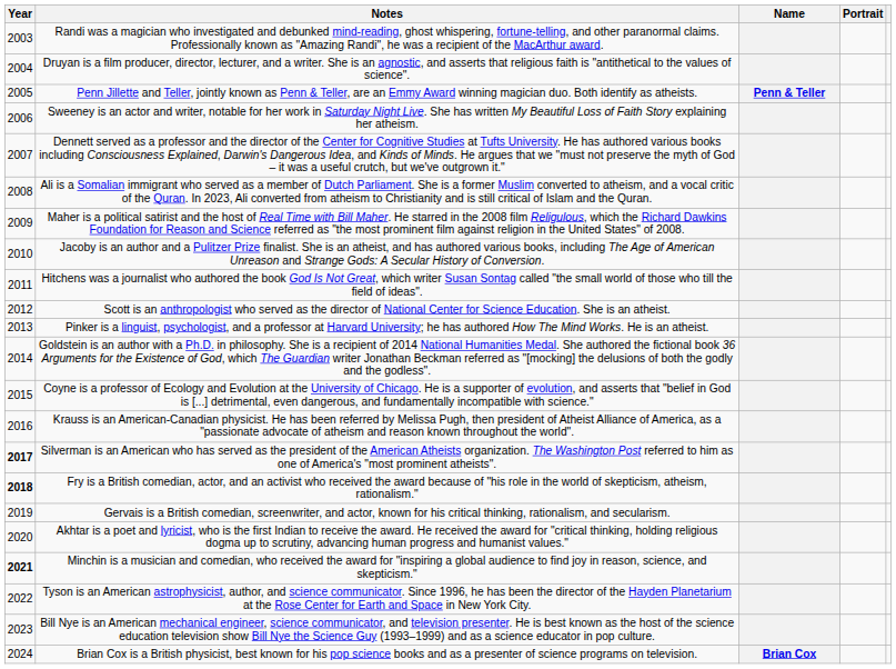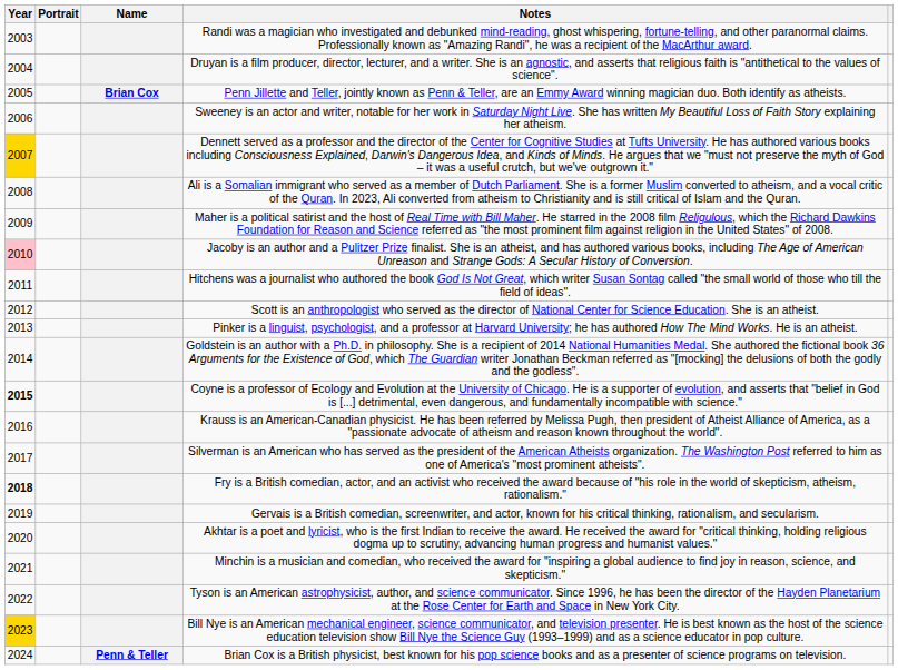 <table class="wikitable sortable plainrowheaders" border="1" style="text-align:center">
 <tr>
 <th scope=col>Year</th>
+<th scope=col class="unsortable">Portrait</th>
+<th scope=col width=135px>Name</th>
 <th scope=col class="unsortable">Notes</th>
-<th scope=col width=135px>Name</th>
-<th scope=col class="unsortable">Portrait</th>
 <th scope=col class="unsortable"></th>
 </tr>
 <tr>
 <td>2003</td>
+<td></td>
+<th scope=row style="text-align:center";></th>
 <td>Randi was a magician who investigated and debunked <a href='#'>mind-reading</a>, ghost whispering, <a href='#'>fortune-telling</a>, and other paranormal claims. Professionally known as "Amazing Randi", he was a recipient of the <a href='#'>MacArthur award</a>.</td>
-<th scope=row style="text-align:center";></th>
-<td></td>
 <td></td>
 </tr>
 <tr>
 <td>2004</td>
+<td></td>
+<th scope=row style="text-align:center";></th>
 <td>Druyan is a film producer, director, lecturer, and a writer. She is an <a href='#'>agnostic</a>, and asserts that religious faith is "antithetical to the values of science".</td>
-<th scope=row style="text-align:center";></th>
-<td></td>
 <td></td>
 </tr>
 <tr>
 <td>2005</td>
+<td></td>
+<th><a href='#'>Brian Cox</a></th>
 <td><a href='#'>Penn Jillette</a> and <a href='#'>Teller</a>, jointly known as <a href='#'>Penn & Teller</a>, are an <a href='#'>Emmy Award</a> winning magician duo. Both identify as atheists.</td>
-<th scope=row style="text-align:center";><a href='#'>Penn & Teller</a></th>
-<td></td>
 <td></td>
 </tr>
 <tr>
 <td>2006</td>
+<td></td>
+<th scope=row style="text-align:center";></th>
 <td>Sweeney is an actor and writer, notable for her work in <em><a href='#'>Saturday Night Live</a></em>. She has written <em>My Beautiful Loss of Faith Story</em> explaining her atheism.</td>
-<th scope=row style="text-align:center";></th>
-<td></td>
 <td></td>
 </tr>
 <tr>
-<td>2007</td>
+<td style="background: gold;">2007</td>
+<td></td>
+<th scope=row style="text-align:center";></th>
 <td>Dennett served as a professor and the director of the <a href='#'>Center for Cognitive Studies</a> at <a href='#'>Tufts University</a>. He has authored various books including <em>Consciousness Explained</em>, <em>Darwin's Dangerous Idea</em>, and <em>Kinds of Minds</em>. He argues that we "must not preserve the myth of God – it was a useful crutch, but we've outgrown it."</td>
-<th scope=row style="text-align:center";></th>
-<td></td>
 <td></td>
 </tr>
 <tr>
 <td>2008</td>
+<td></td>
+<th scope=row style="text-align:center";></th>
 <td>Ali is a <a href='#'>Somalian</a> immigrant who served as a member of <a href='#'>Dutch Parliament</a>. She is a former <a href='#'>Muslim</a> converted to atheism, and a vocal critic of the <a href='#'>Quran</a>. In 2023, Ali converted from atheism to Christianity and is still critical of Islam and the Quran.</td>
-<th scope=row style="text-align:center";></th>
-<td></td>
 <td></td>
 </tr>
 <tr>
 <td>2009</td>
+<td></td>
+<th scope=row style="text-align:center";></th>
 <td>Maher is a political satirist and the host of <em><a href='#'>Real Time with Bill Maher</a></em>. He starred in the 2008 film <em><a href='#'>Religulous</a></em>, which the <a href='#'>Richard Dawkins Foundation for Reason and Science</a> referred as "the most prominent film against religion in the United States" of 2008.</td>
-<th scope=row style="text-align:center";></th>
-<td></td>
 <td></td>
 </tr>
 <tr>
-<td>2010</td>
+<td style="background: pink;">2010</td>
+<td></td>
+<th scope=row style="text-align:center";></th>
 <td>Jacoby is an author and a <a href='#'>Pulitzer Prize</a> finalist. She is an atheist, and has authored various books, including <em>The Age of American Unreason</em> and <em>Strange Gods: A Secular History of Conversion</em>.</td>
-<th scope=row style="text-align:center";></th>
-<td></td>
 <td></td>
 </tr>
 <tr>
 <td>2011</td>
+<td></td>
+<th scope=row style="text-align:center";></th>
 <td>Hitchens was a journalist who authored the book <em><a href='#'>God Is Not Great</a></em>, which writer <a href='#'>Susan Sontag</a> called "the small world of those who till the field of ideas".</td>
-<th scope=row style="text-align:center";></th>
-<td></td>
 <td></td>
 </tr>
 <tr>
 <td>2012</td>
+<td></td>
+<th scope=row style="text-align:center";></th>
 <td>Scott is an <a href='#'>anthropologist</a> who served as the director of <a href='#'>National Center for Science Education</a>. She is an atheist.</td>
-<th scope=row style="text-align:center";></th>
-<td></td>
 <td></td>
 </tr>
 <tr>
 <td>2013</td>
+<td></td>
+<th scope=row style="text-align:center";></th>
 <td>Pinker is a <a href='#'>linguist</a>, <a href='#'>psychologist</a>, and a professor at <a href='#'>Harvard University</a>; he has authored <em>How The Mind Works</em>. He is an atheist.</td>
-<th scope=row style="text-align:center";></th>
-<td></td>
 <td></td>
 </tr>
 <tr>
 <td>2014</td>
+<td></td>
+<th scope=row style="text-align:center";></th>
 <td>Goldstein is an author with a <a href='#'>Ph.D.</a> in philosophy. She is a recipient of 2014 <a href='#'>National Humanities Medal</a>. She authored the fictional book <em>36 Arguments for the Existence of God</em>, which <em><a href='#'>The Guardian</a></em> writer Jonathan Beckman referred as "[mocking] the delusions of both the godly and the godless".</td>
-<th scope=row style="text-align:center";></th>
-<td></td>
 <td></td>
 </tr>
 <tr>
-<td>2015</td>
+<td><strong>2015</strong></td>
+<td></td>
+<th scope=row style="text-align:center";></th>
 <td>Coyne is a professor of Ecology and Evolution at the <a href='#'>University of Chicago</a>. He is a supporter of <a href='#'>evolution</a>, and asserts that "belief in God is [...] detrimental, even dangerous, and fundamentally incompatible with science."</td>
-<th scope=row style="text-align:center";></th>
-<td></td>
 <td></td>
 </tr>
 <tr>
 <td>2016</td>
+<td></td>
+<th scope=row style="text-align:center";></th>
 <td>Krauss is an American-Canadian physicist. He has been referred by Melissa Pugh, then president of Atheist Alliance of America, as a "passionate advocate of atheism and reason known throughout the world".</td>
-<th scope=row style="text-align:center";></th>
-<td></td>
 <td></td>
 </tr>
 <tr>
-<td><strong>2017</strong></td>
+<td>2017</td>
+<td></td>
+<th scope=row style="text-align:center";></th>
 <td>Silverman is an American who has served as the president of the <a href='#'>American Atheists</a> organization. <em><a href='#'>The Washington Post</a></em> referred to him as one of  America's "most prominent atheists".</td>
-<th scope=row style="text-align:center";></th>
-<td></td>
 <td></td>
 </tr>
 <tr>
 <td><strong>2018</strong></td>
+<td></td>
+<th scope=row style="text-align:center";></th>
 <td>Fry is a British comedian, actor, and an activist who received the award because of "his role in the world of skepticism, atheism, rationalism."</td>
-<th scope=row style="text-align:center";></th>
-<td></td>
 <td></td>
 </tr>
 <tr>
 <td>2019</td>
+<td></td>
+<th scope=row style="text-align:center";></th>
 <td>Gervais is a British comedian, screenwriter, and actor, known for his critical thinking, rationalism, and secularism.</td>
-<th scope=row style="text-align:center";></th>
-<td></td>
 <td></td>
 </tr>
 <tr>
 <td>2020</td>
+<td></td>
+<th scope=row style="text-align:center";></th>
 <td>Akhtar is a poet and <a href='#'>lyricist</a>, who is the first Indian to receive the award. He received the award for "critical thinking, holding religious dogma up to scrutiny, advancing human progress and humanist values."</td>
-<th scope=row style="text-align:center";></th>
-<td></td>
 <td></td>
 </tr>
 <tr>
-<td><strong>2021</strong></td>
+<td>2021</td>
+<td></td>
+<th scope=row style="text-align:center";></th>
 <td>Minchin is a musician and comedian, who received the award for "inspiring a global audience to find joy in reason, science, and skepticism."</td>
-<th scope=row style="text-align:center";></th>
-<td></td>
 <td></td>
 </tr>
 <tr>
 <td>2022</td>
+<td></td>
+<th scope=row style="text-align:center";></th>
 <td>Tyson is an American <a href='#'>astrophysicist</a>, author, and <a href='#'>science communicator</a>. Since 1996, he has been the director of the <a href='#'>Hayden Planetarium</a> at the <a href='#'>Rose Center for Earth and Space</a> in New York City.</td>
-<th scope=row style="text-align:center";></th>
-<td></td>
 <td></td>
 </tr>
 <tr>
-<td>2023</td>
+<td style="background: gold;">2023</td>
+<td></td>
+<th scope=row style="text-align:center";></th>
 <td>Bill Nye is an American <a href='#'>mechanical engineer</a>, <a href='#'>science communicator</a>, and <a href='#'>television presenter</a>. He is best known as the host of the science education television show <a href='#'>Bill Nye the Science Guy</a> (1993–1999) and as a science educator in pop culture.</td>
-<th scope=row style="text-align:center";></th>
-<td></td>
 <td></td>
 </tr>
 <tr>
 <td>2024</td>
+<td></td>
+<th scope=row style="text-align:center";><a href='#'>Penn & Teller</a></th>
 <td>Brian Cox is a British physicist, best known for his <a href='#'>pop science</a> books and as a presenter of science programs on television.</td>
-<th><a href='#'>Brian Cox</a></th>
-<td></td>
 <td></td>
 </tr>
 </table>
